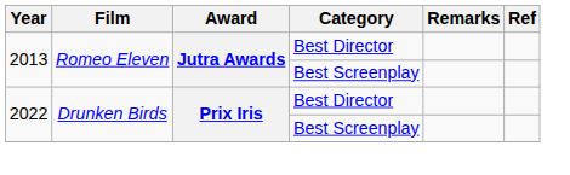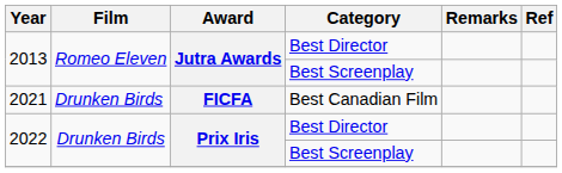 <table class="wikitable plainrowheaders sortable">
 <tr>
 <th scope="col">Year</th>
 <th scope="col" class="unsortable">Film</th>
 <th scope="col">Award</th>
 <th scope="col">Category</th>
 <th>Remarks</th>
 <th>Ref</th>
 </tr>
 <tr>
 <td rowspan="2">2013</td>
 <td rowspan="2" style="text-align:center;"><em><a href='#'>Romeo Eleven</a></em></td>
 <th rowspan="2" scope="row"><a href='#'>Jutra Awards</a></th>
 <td><a href='#'>Best Director</a></td>
 <td></td>
 <td></td>
 </tr>
 <tr>
 <td><a href='#'>Best Screenplay</a></td>
 <td></td>
 <td></td>
 </tr>
 <tr>
+<td>2021</td>
+<td><em><a href='#'>Drunken Birds</a></em></td>
+<th><a href='#'>FICFA</a></th>
+<td>Best Canadian Film</td>
+<td></td>
+<td></td>
+</tr>
+<tr>
 <td rowspan="2">2022</td>
 <td rowspan="2" style="text-align:center;"><em><a href='#'>Drunken Birds</a></em></td>
 <th rowspan="2" scope="row"><a href='#'>Prix Iris</a></th>
 <td><a href='#'>Best Director</a></td>
 <td></td>
 <td></td>
 </tr>
 <tr>
 <td><a href='#'>Best Screenplay</a></td>
 <td></td>
 <td></td>
 </tr>
 <tr>
 </tr>
 </table>
